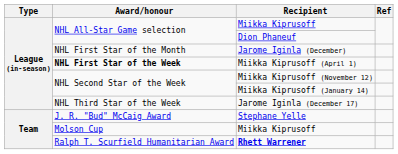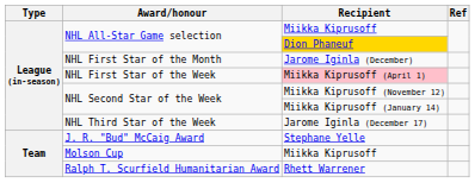 <table class="wikitable">
 <tr>
 <th scope="col">Type</th>
 <th scope="col">Award/honour</th>
 <th scope="col">Recipient</th>
 <th scope="col">Ref</th>
 </tr>
 <tr>
 <th scope="row" rowspan="7">League<br><small>(in-season)</small></th>
 <td rowspan="2"><a href='#'>NHL All-Star Game</a> selection</td>
 <td><a href='#'>Miikka Kiprusoff</a></td>
 <td rowspan="2"></td>
 </tr>
 <tr>
-<td><a href='#'>Dion Phaneuf</a></td>
+<td style="background: gold;"><a href='#'>Dion Phaneuf</a></td>
 </tr>
 <tr>
 <td>NHL First Star of the Month</td>
 <td><a href='#'>Jarome Iginla</a> <small>(December)</small></td>
 <td></td>
 </tr>
 <tr>
-<td><strong>NHL First Star of the Week</strong></td>
-<td>Miikka Kiprusoff <small>(April 1)</small></td>
+<td>NHL First Star of the Week</td>
+<td style="background: pink;">Miikka Kiprusoff <small>(April 1)</small></td>
 <td></td>
 </tr>
 <tr>
 <td rowspan="2">NHL Second Star of the Week</td>
 <td>Miikka Kiprusoff <small>(November 12)</small></td>
 <td></td>
 </tr>
 <tr>
 <td>Miikka Kiprusoff <small>(January 14)</small></td>
 <td></td>
 </tr>
 <tr>
 <td>NHL Third Star of the Week</td>
 <td>Jarome Iginla <small>(December 17)</small></td>
 <td></td>
 </tr>
 <tr>
 <th scope="row" rowspan="3">Team</th>
 <td><a href='#'>J. R. "Bud" McCaig Award</a></td>
 <td><a href='#'>Stephane Yelle</a></td>
 <td></td>
 </tr>
 <tr>
 <td><a href='#'>Molson Cup</a></td>
 <td>Miikka Kiprusoff</td>
 <td></td>
 </tr>
 <tr>
 <td><a href='#'>Ralph T. Scurfield Humanitarian Award</a></td>
-<td><strong><a href='#'>Rhett Warrener</a></strong></td>
+<td><a href='#'>Rhett Warrener</a></td>
 <td></td>
 </tr>
 </table>
